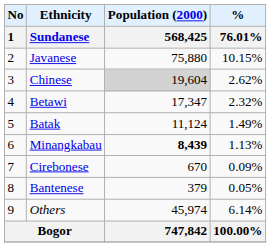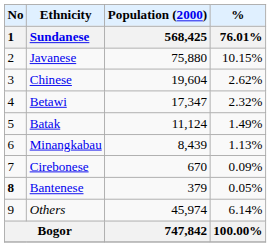 <table class="wikitable sortable" style="font-size:90%;">
 <tr>
 <th style="background:#E0F0FF;">No</th>
 <th style="background:#E0F0FF;">Ethnicity</th>
 <th style="background:#E0F0FF;">Population (<a href='#'>2000</a>)</th>
 <th style="background:#E0F0FF;">%</th>
 </tr>
 <tr>
 <th style="text-align: left;">1</th>
 <th style="text-align: left;"><a href='#'>Sundanese</a></th>
 <th style="text-align: right;">568,425</th>
 <th style="text-align: right;">76.01%</th>
 </tr>
 <tr>
 <td>2</td>
 <td><a href='#'>Javanese</a></td>
 <td style="text-align: right;">75,880</td>
 <td style="text-align: right;">10.15%</td>
 </tr>
 <tr>
 <td>3</td>
 <td><a href='#'>Chinese</a></td>
-<td style="background: lightgrey; text-align: right;">19,604</td>
+<td style="text-align: right;">19,604</td>
 <td style="text-align: right;">2.62%</td>
 </tr>
 <tr>
 <td>4</td>
 <td><a href='#'>Betawi</a></td>
 <td style="text-align: right;">17,347</td>
 <td style="text-align: right;">2.32%</td>
 </tr>
 <tr>
 <td>5</td>
 <td><a href='#'>Batak</a></td>
 <td style="text-align: right;">11,124</td>
 <td style="text-align: right;">1.49%</td>
 </tr>
 <tr>
 <td>6</td>
 <td><a href='#'>Minangkabau</a></td>
-<td style="text-align: right;"><strong>8,439</strong></td>
+<td style="text-align: right;">8,439</td>
 <td style="text-align: right;">1.13%</td>
 </tr>
 <tr>
 <td>7</td>
 <td><a href='#'>Cirebonese</a></td>
 <td style="text-align: right;">670</td>
 <td style="text-align: right;">0.09%</td>
 </tr>
 <tr>
-<td>8</td>
+<td><strong>8</strong></td>
 <td><a href='#'>Bantenese</a></td>
 <td style="text-align: right;">379</td>
 <td style="text-align: right;">0.05%</td>
 </tr>
 <tr>
 <td>9</td>
 <td><em>Others</em></td>
 <td style="text-align: right;">45,974</td>
 <td style="text-align: right;">6.14%</td>
 </tr>
 <tr>
 <th colspan="2">Bogor</th>
 <th style="text-align: right;">747,842</th>
 <th style="text-align: right;">100.00%</th>
 </tr>
 <tr>
 </tr>
 </table>
